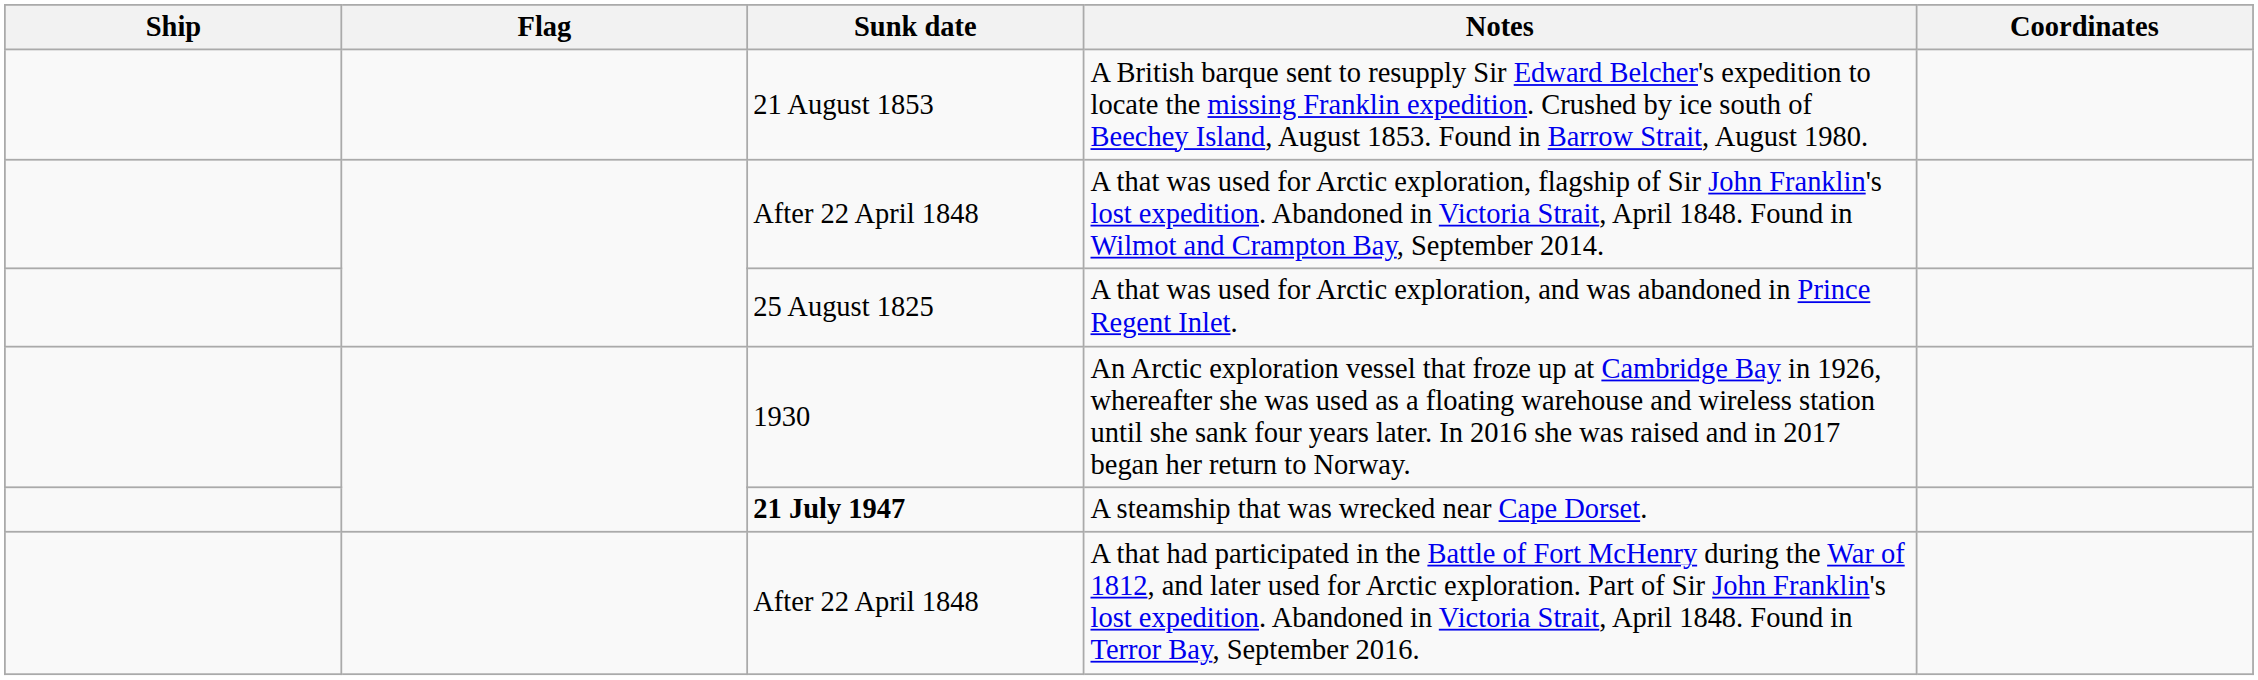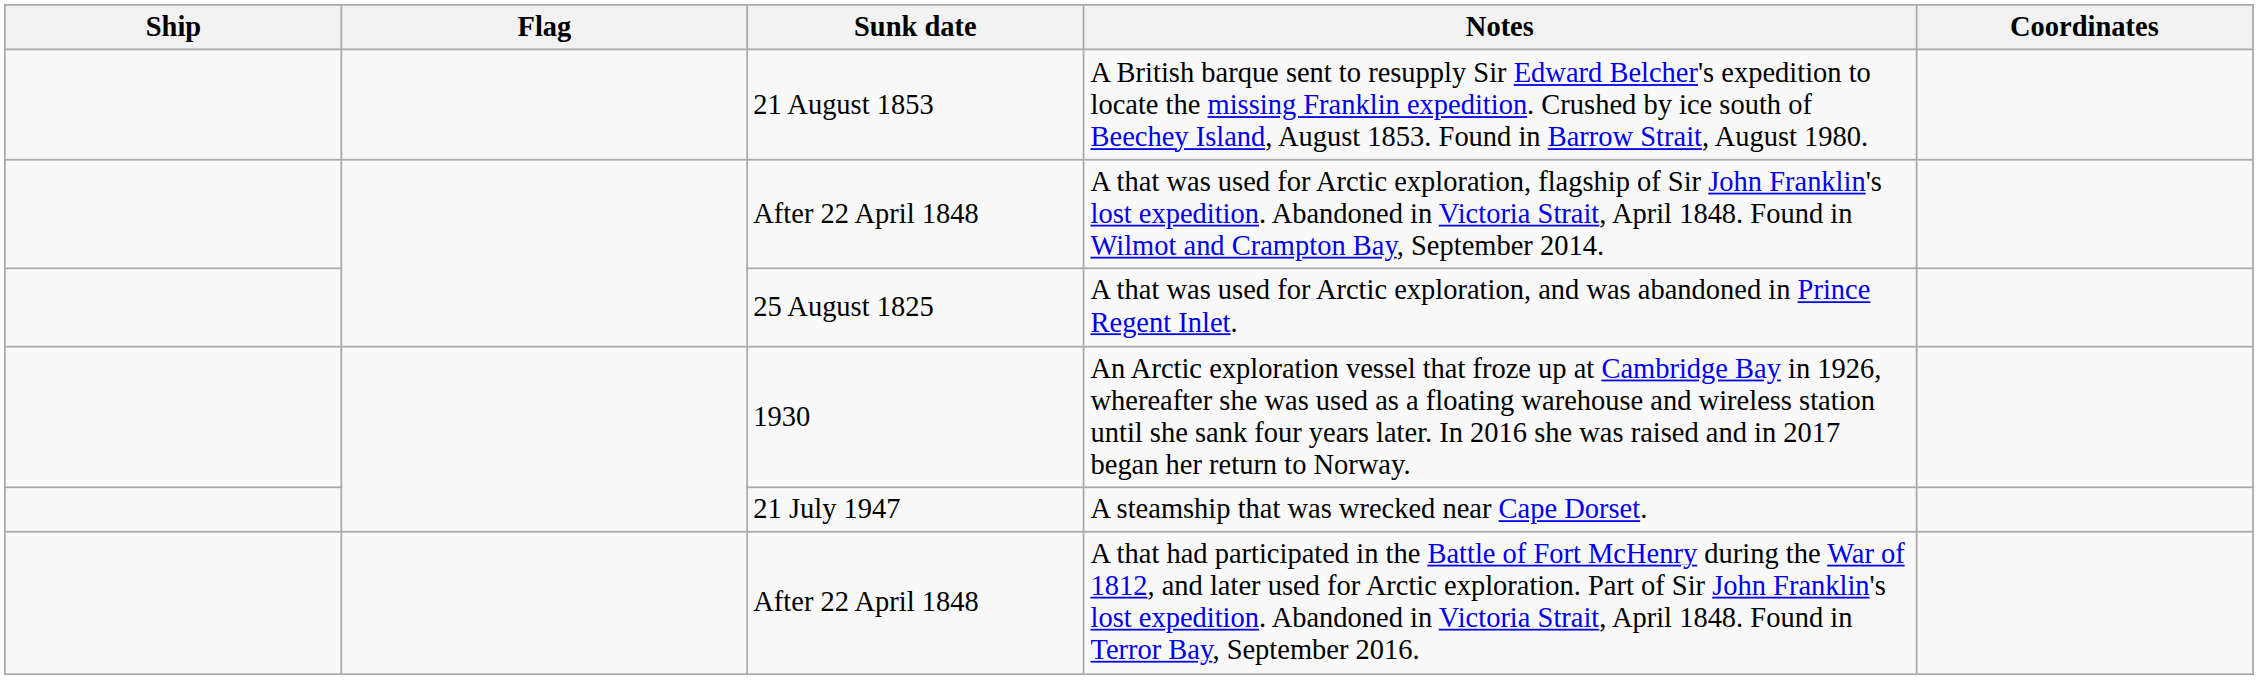 <table class=wikitable | style = "width:100%">
 <tr>
 <th style="width:15%">Ship</th>
 <th style="width:18%">Flag</th>
 <th style="width:15%">Sunk date</th>
 <th style="width:37%">Notes</th>
 <th style="width:15%">Coordinates</th>
 </tr>
 <tr>
 <td></td>
 <td></td>
 <td>21 August 1853</td>
 <td>A British barque sent to resupply Sir <a href='#'>Edward Belcher</a>'s expedition to locate the <a href='#'>missing Franklin expedition</a>. Crushed by ice south of <a href='#'>Beechey Island</a>, August 1853. Found in <a href='#'>Barrow Strait</a>, August 1980.</td>
 <td></td>
 </tr>
 <tr>
 <td></td>
 <td rowspan="2"></td>
 <td>After 22 April 1848</td>
 <td>A  that was used for Arctic exploration, flagship of Sir <a href='#'>John Franklin</a>'s <a href='#'>lost expedition</a>. Abandoned in <a href='#'>Victoria Strait</a>, April 1848. Found in <a href='#'>Wilmot and Crampton Bay</a>, September 2014.</td>
 <td></td>
 </tr>
 <tr>
 <td></td>
 <td>25 August 1825</td>
 <td>A  that was used for Arctic exploration, and was abandoned in <a href='#'>Prince Regent Inlet</a>.</td>
 <td></td>
 </tr>
 <tr>
 <td></td>
 <td rowspan="2"></td>
 <td>1930</td>
 <td>An Arctic exploration vessel that froze up at <a href='#'>Cambridge Bay</a> in 1926, whereafter she was used as a floating warehouse and wireless station until she sank four years later. In 2016 she was raised and in 2017 began her return to Norway.</td>
 <td></td>
 </tr>
 <tr>
 <td></td>
-<td><strong>21 July 1947</strong></td>
+<td>21 July 1947</td>
 <td>A steamship that was wrecked near <a href='#'>Cape Dorset</a>.</td>
 <td></td>
 </tr>
 <tr>
 <td></td>
 <td></td>
 <td>After 22 April 1848</td>
 <td>A  that had participated in the <a href='#'>Battle of Fort McHenry</a> during the <a href='#'>War of 1812</a>, and later used for Arctic exploration. Part of Sir <a href='#'>John Franklin</a>'s <a href='#'>lost expedition</a>. Abandoned in <a href='#'>Victoria Strait</a>, April 1848. Found in <a href='#'>Terror Bay</a>, September 2016.</td>
 <td></td>
 </tr>
 </table>
